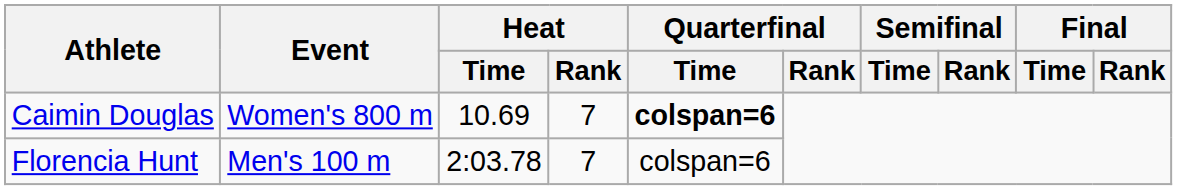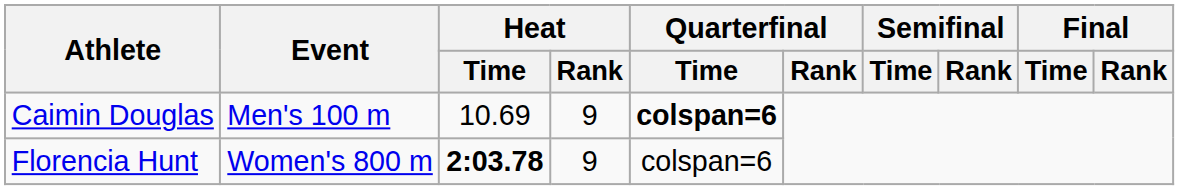 <table class=wikitable style=font-size:90%;text-align:center>
 <tr>
 <th rowspan=2>Athlete</th>
 <th rowspan=2>Event</th>
 <th colspan=2>Heat</th>
 <th colspan=2>Quarterfinal</th>
 <th colspan=2>Semifinal</th>
 <th colspan=2>Final</th>
 </tr>
 <tr style=font-size:95%>
 <th>Time</th>
 <th>Rank</th>
 <th>Time</th>
 <th>Rank</th>
 <th>Time</th>
 <th>Rank</th>
 <th>Time</th>
 <th>Rank</th>
 </tr>
 <tr>
 <td align=left><a href='#'>Caimin Douglas</a></td>
-<td align=left><a href='#'>Women's 800 m</a></td>
+<td align=left><a href='#'>Men's 100 m</a></td>
 <td>10.69</td>
-<td>7</td>
+<td>9</td>
 <td><strong>colspan=6 </strong></td>
 </tr>
 <tr>
 <td align=left><a href='#'>Florencia Hunt</a></td>
-<td align=left><a href='#'>Men's 100 m</a></td>
-<td>2:03.78</td>
-<td>7</td>
+<td align=left><a href='#'>Women's 800 m</a></td>
+<td><strong>2:03.78</strong></td>
+<td>9</td>
 <td>colspan=6 </td>
 </tr>
 </table>
